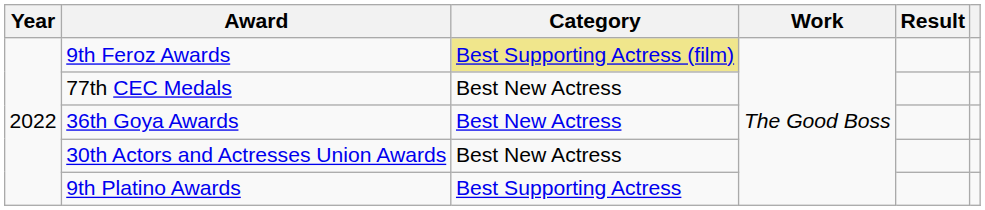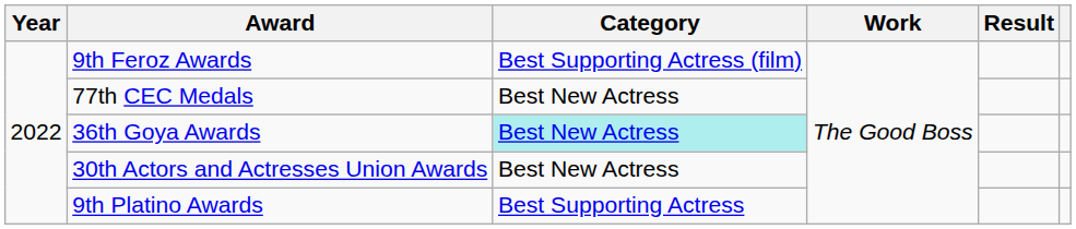 <table class="wikitable sortable plainrowheaders">
 <tr>
 <th>Year</th>
 <th>Award</th>
 <th>Category</th>
 <th>Work</th>
 <th>Result</th>
 <th scope="col" class="unsortable"></th>
 </tr>
 <tr>
 <td align = "center" rowspan = "5">2022</td>
 <td><a href='#'>9th Feroz Awards</a></td>
-<td style="background: khaki;"><a href='#'>Best Supporting Actress (film)</a></td>
+<td><a href='#'>Best Supporting Actress (film)</a></td>
 <td rowspan = "5"><em>The Good Boss</em></td>
 <td></td>
 <td align = "center"></td>
 </tr>
 <tr>
 <td>77th <a href='#'>CEC Medals</a></td>
 <td>Best New Actress</td>
 <td></td>
 <td align = "center"></td>
 </tr>
 <tr>
 <td><a href='#'>36th Goya Awards</a></td>
-<td><a href='#'>Best New Actress</a></td>
+<td style="background: paleturquoise;"><a href='#'>Best New Actress</a></td>
 <td></td>
 <td align = "center"></td>
 </tr>
 <tr>
 <td><a href='#'>30th Actors and Actresses Union Awards</a></td>
 <td>Best New Actress</td>
 <td></td>
 <td align = "center"></td>
 </tr>
 <tr>
 <td><a href='#'>9th Platino Awards</a></td>
 <td><a href='#'>Best Supporting Actress</a></td>
 <td></td>
 <td align = "center"></td>
 </tr>
 </table>
